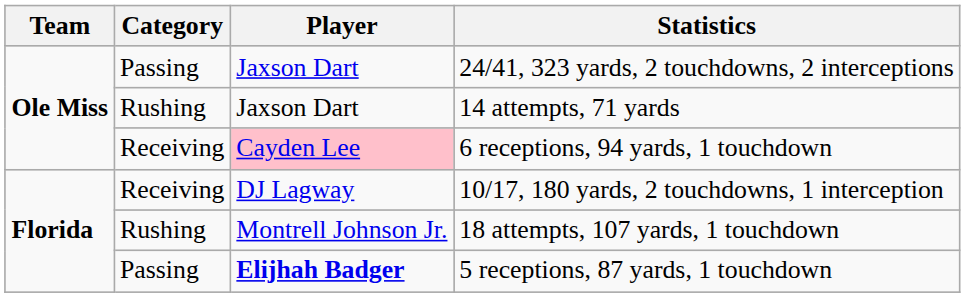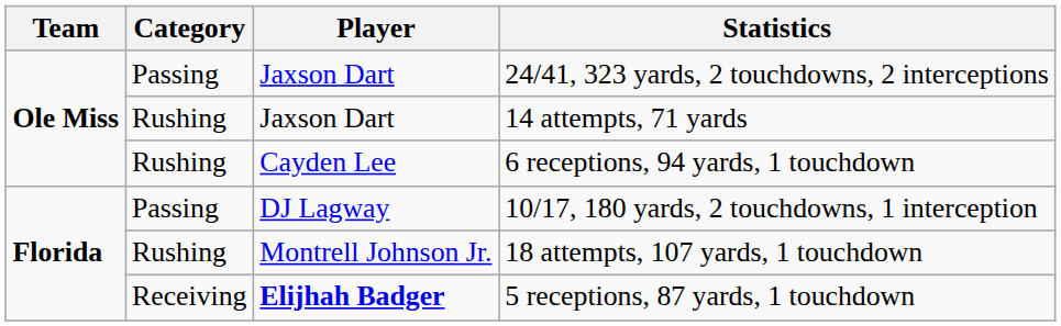 <table class="wikitable" style="float: right;">
 <tr>
 <th>Team</th>
 <th>Category</th>
 <th>Player</th>
 <th>Statistics</th>
 </tr>
 <tr>
 <td rowspan=3><strong>Ole Miss</strong></td>
 <td>Passing</td>
 <td><a href='#'>Jaxson Dart</a></td>
 <td>24/41, 323 yards, 2 touchdowns, 2 interceptions</td>
 </tr>
 <tr>
 <td>Rushing</td>
 <td>Jaxson Dart</td>
 <td>14 attempts, 71 yards</td>
 </tr>
 <tr>
-<td>Receiving</td>
-<td style="background: pink;"><a href='#'>Cayden Lee</a></td>
+<td>Rushing</td>
+<td><a href='#'>Cayden Lee</a></td>
 <td>6 receptions, 94 yards, 1 touchdown</td>
 </tr>
 <tr>
 <td rowspan=3><strong>Florida</strong></td>
-<td>Receiving</td>
+<td>Passing</td>
 <td><a href='#'>DJ Lagway</a></td>
 <td>10/17, 180 yards, 2 touchdowns, 1 interception</td>
 </tr>
 <tr>
 <td>Rushing</td>
 <td><a href='#'>Montrell Johnson Jr.</a></td>
 <td>18 attempts, 107 yards, 1 touchdown</td>
 </tr>
 <tr>
-<td>Passing</td>
+<td>Receiving</td>
 <td><strong><a href='#'>Elijhah Badger</a></strong></td>
 <td>5 receptions, 87 yards, 1 touchdown</td>
 </tr>
 </table>
